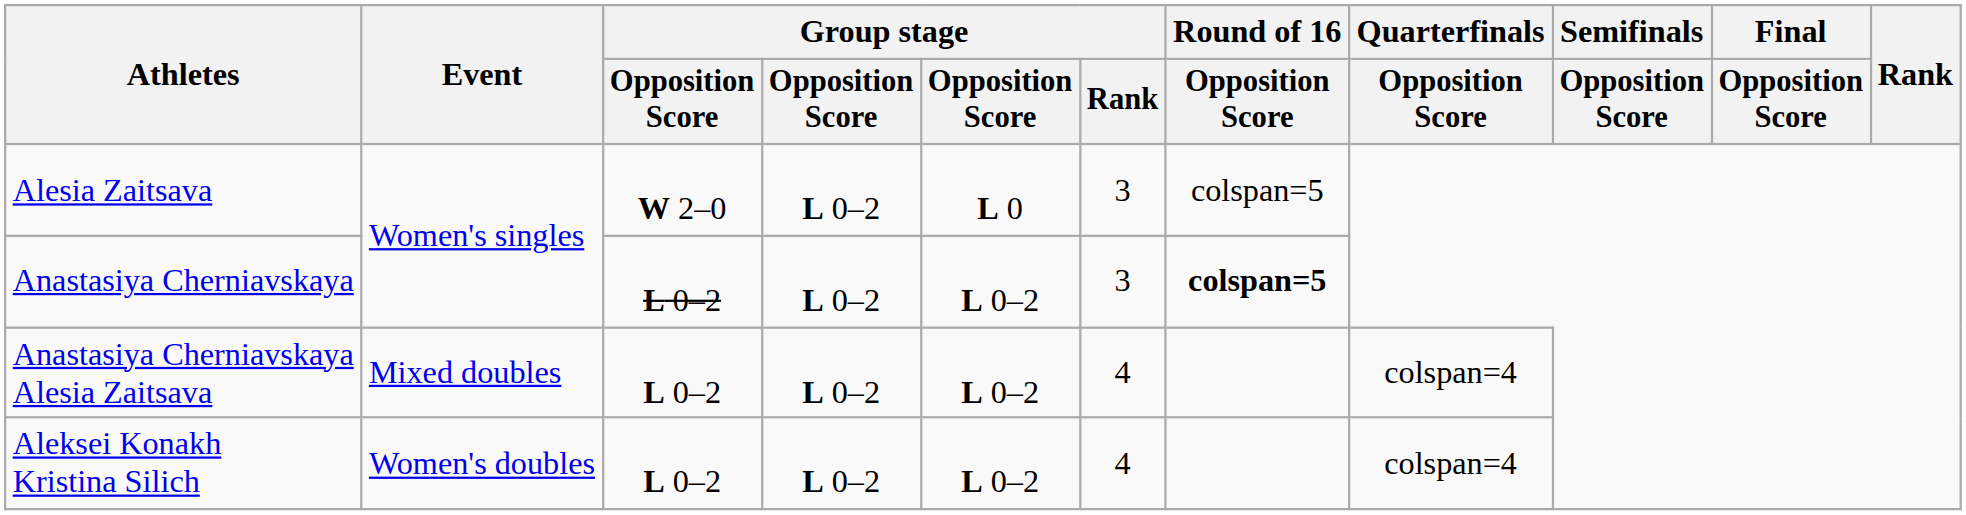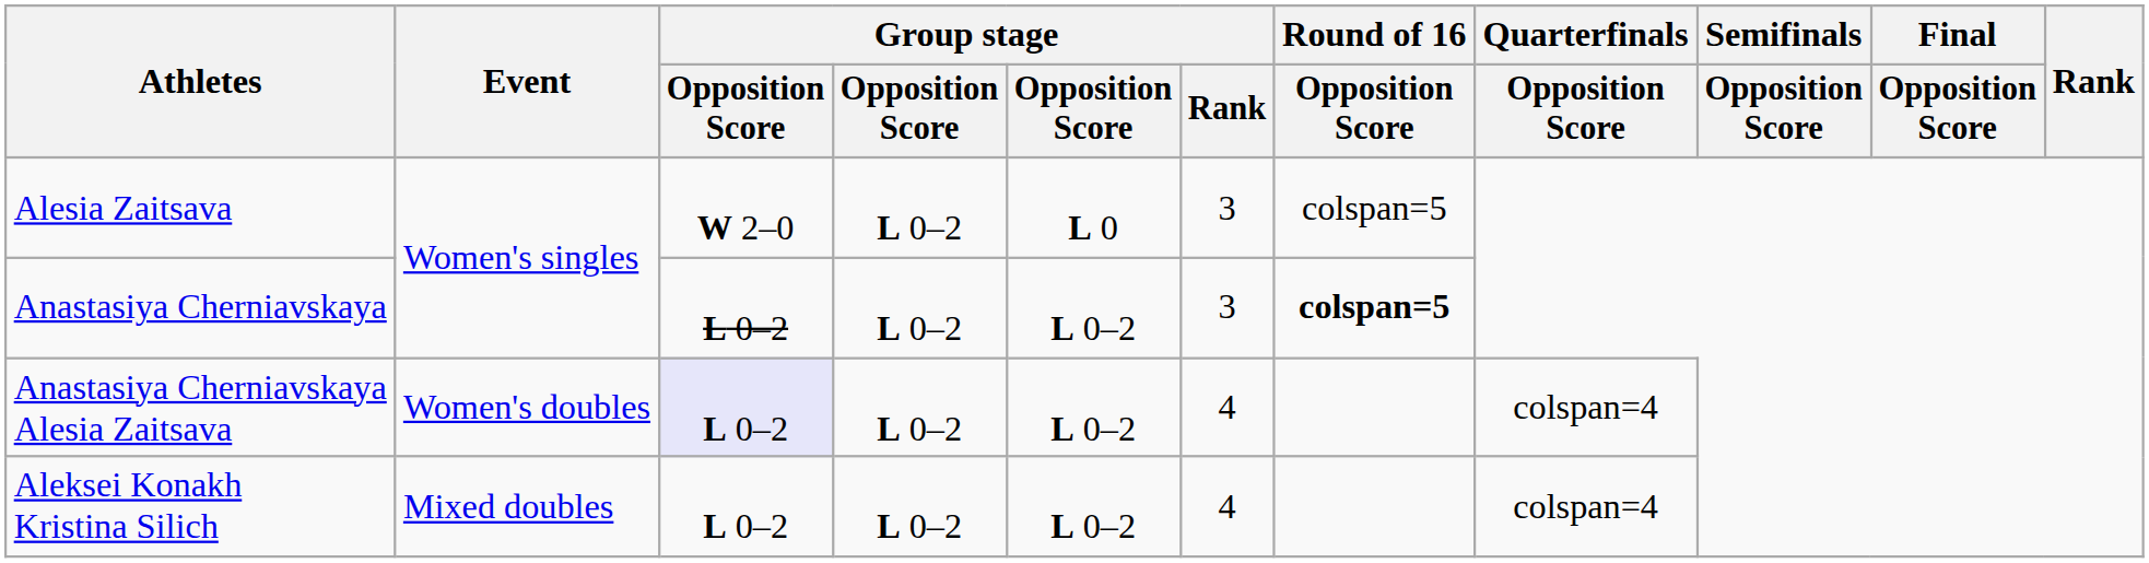 <table class="wikitable" style="font-size:90%">
 <tr>
 <th rowspan="2">Athletes</th>
 <th rowspan="2">Event</th>
 <th colspan="4">Group stage</th>
 <th>Round of 16</th>
 <th>Quarterfinals</th>
 <th>Semifinals</th>
 <th>Final</th>
 <th rowspan="2">Rank</th>
 </tr>
 <tr style="font-size:95%">
 <th>Opposition<br>Score</th>
 <th>Opposition<br>Score</th>
 <th>Opposition<br>Score</th>
 <th>Rank</th>
 <th>Opposition<br>Score</th>
 <th>Opposition<br>Score</th>
 <th>Opposition<br>Score</th>
 <th>Opposition<br>Score</th>
 </tr>
 <tr align="center">
 <td align="left"><a href='#'>Alesia Zaitsava</a></td>
 <td align="left" rowspan="2"><a href='#'>Women's singles</a></td>
 <td><br><strong>W</strong> 2–0</td>
 <td><br><strong>L</strong> 0–2</td>
 <td><br><strong>L</strong> 0</td>
 <td>3</td>
 <td>colspan=5 </td>
 </tr>
 <tr align="center">
 <td align="left"><a href='#'>Anastasiya Cherniavskaya</a></td>
 <td><s><br><strong>L</strong> 0–2</s></td>
 <td><br><strong>L</strong> 0–2</td>
 <td><br><strong>L</strong> 0–2</td>
 <td>3</td>
 <td><strong>colspan=5 </strong></td>
 </tr>
 <tr align="center">
 <td align="left"><a href='#'>Anastasiya Cherniavskaya</a><br><a href='#'>Alesia Zaitsava</a></td>
+<td align="left"><a href='#'>Women's doubles</a></td>
+<td style="background: lavender;"><br><strong>L</strong> 0–2</td>
+<td><br><strong>L</strong> 0–2</td>
+<td><br><strong>L</strong> 0–2</td>
+<td>4</td>
+<td></td>
+<td>colspan=4 </td>
+</tr>
+<tr align="center">
+<td align="left"><a href='#'>Aleksei Konakh</a><br><a href='#'>Kristina Silich</a></td>
 <td align="left"><a href='#'>Mixed doubles</a></td>
 <td><br><strong>L</strong> 0–2</td>
 <td><br><strong>L</strong> 0–2</td>
 <td><br><strong>L</strong> 0–2</td>
 <td>4</td>
 <td></td>
 <td>colspan=4 </td>
 </tr>
-<tr align="center">
-<td align="left"><a href='#'>Aleksei Konakh</a><br><a href='#'>Kristina Silich</a></td>
-<td align="left"><a href='#'>Women's doubles</a></td>
-<td><br><strong>L</strong> 0–2</td>
-<td><br><strong>L</strong> 0–2</td>
-<td><br><strong>L</strong> 0–2</td>
-<td>4</td>
-<td></td>
-<td>colspan=4 </td>
-</tr>
 </table>
